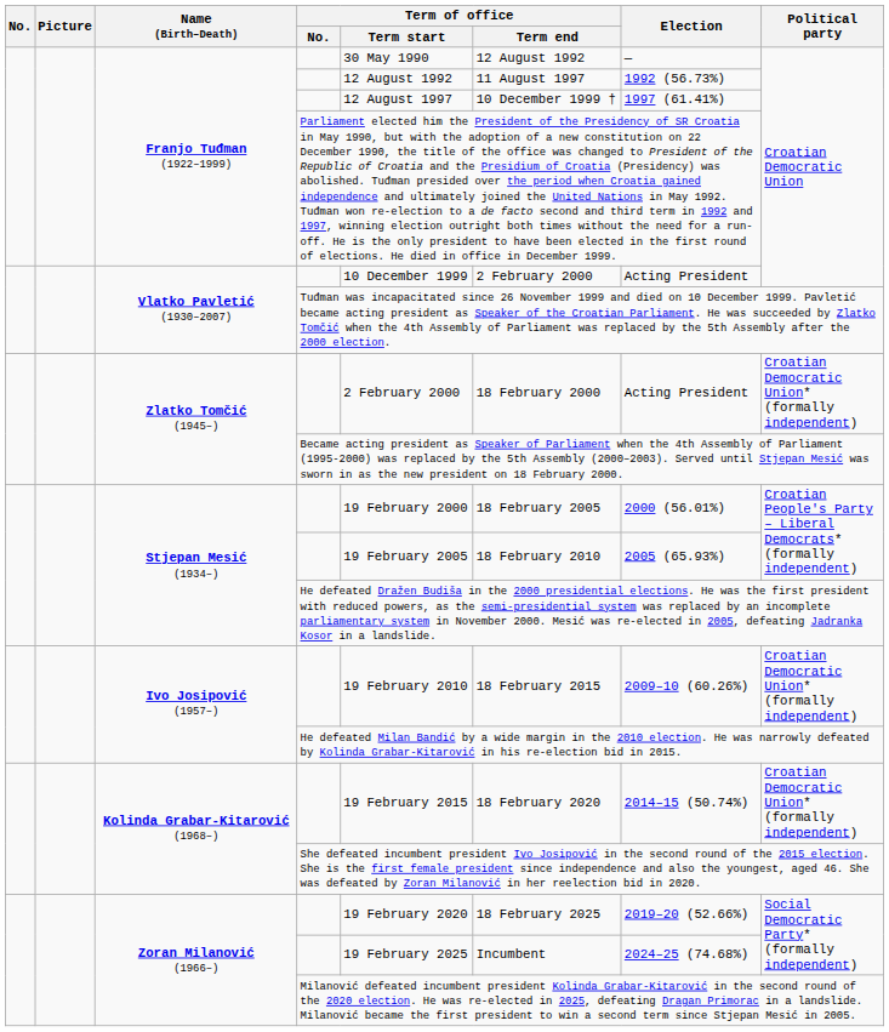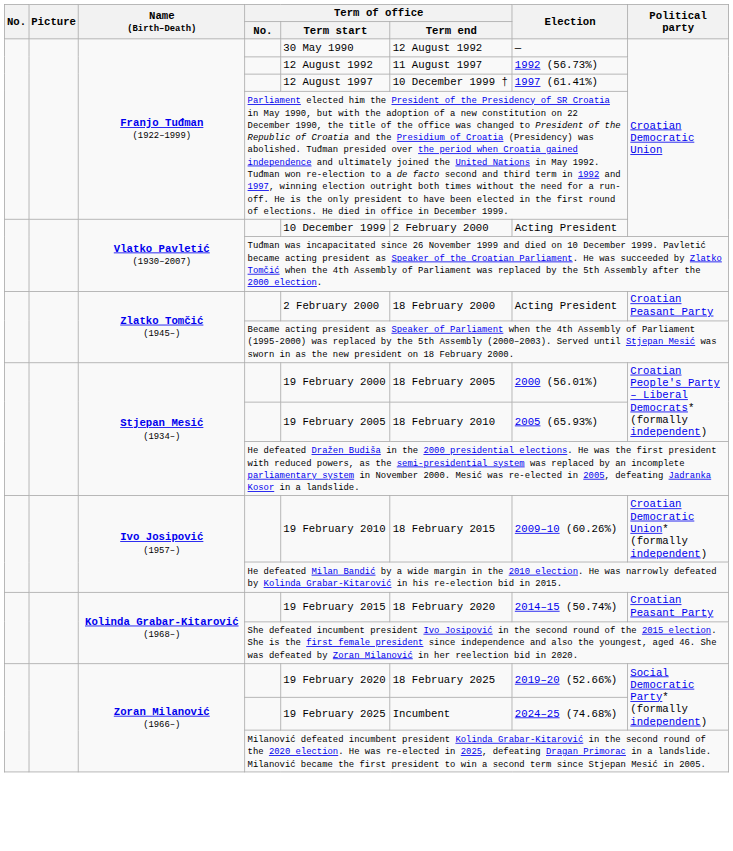 <table class="wikitable" width="100%">
 <tr>
 <th rowspan="2">No.</th>
 <th rowspan="2">Picture</th>
 <th rowspan="2" width=23%>Name<br><small>(Birth–Death)</small></th>
 <th colspan="3">Term of office</th>
 <th rowspan="2">Election</th>
 <th rowspan="2">Political party</th>
 </tr>
 <tr>
 <th style="text-align: center;">No.</th>
 <th style="text-align: center;">Term start</th>
 <th style="text-align: center;">Term end</th>
 </tr>
 <tr>
 <td rowspan="4" style="background: "></td>
 <td rowspan="4" style="text-align: center;"><br></td>
 <td rowspan="4" style="text-align: center;"><strong><a href='#'>Franjo Tuđman</a></strong><br><small>(1922–1999)</small></td>
 <td style="background: "></td>
 <td>30 May 1990</td>
 <td>12 August 1992</td>
 <td>—</td>
 <td rowspan="5"><a href='#'>Croatian Democratic Union</a></td>
 </tr>
 <tr>
 <td style="background: "></td>
 <td>12 August 1992</td>
 <td>11 August 1997</td>
 <td><a href='#'>1992</a> (56.73%)</td>
 </tr>
 <tr>
 <td style="background: "></td>
 <td>12 August 1997</td>
 <td>10 December 1999 †</td>
 <td><a href='#'>1997</a> (61.41%)</td>
 </tr>
 <tr>
 <td colspan="4"><small><a href='#'>Parliament</a> elected him the <a href='#'>President of the Presidency of SR Croatia</a> in May 1990, but with the adoption of a new constitution on 22 December 1990, the title of the office was changed to <em>President of the Republic of Croatia</em> and the <a href='#'>Presidium of Croatia</a> (Presidency) was abolished. Tuđman presided over <a href='#'>the period when Croatia gained independence</a> and ultimately joined the <a href='#'>United Nations</a> in May 1992. Tuđman won re-election to a <em>de facto</em> second and third term in <a href='#'>1992</a> and <a href='#'>1997</a>, winning election outright both times without the need for a run-off. He is the only president to have been elected in the first round of elections. He died in office in December 1999.</small></td>
 </tr>
 <tr>
 <td rowspan="2" style="background: "></td>
 <td rowspan="2" style="text-align: center;"></td>
 <td rowspan="2" style="text-align: center;"><strong><a href='#'>Vlatko Pavletić</a></strong><br><small>(1930–2007)</small></td>
 <td style="background: "></td>
 <td>10 December 1999</td>
 <td>2 February 2000</td>
 <td>Acting President</td>
 </tr>
 <tr>
 <td colspan="5"><small>Tuđman was incapacitated since 26 November 1999 and died on 10 December 1999. Pavletić became acting president as <a href='#'>Speaker of the Croatian Parliament</a>. He was succeeded by <a href='#'>Zlatko Tomčić</a> when the 4th Assembly of Parliament was replaced by the 5th Assembly after the <a href='#'>2000 election</a>. </small></td>
 </tr>
 <tr>
 <td rowspan="2" style="background: "></td>
 <td rowspan="2" style="text-align: center;"></td>
 <td rowspan="2" style="text-align: center;"><strong><a href='#'>Zlatko Tomčić</a></strong><br><small>(1945–)</small></td>
 <td style="background: "></td>
 <td>2 February 2000</td>
 <td>18 February 2000</td>
 <td>Acting President</td>
-<td><a href='#'>Croatian Democratic Union</a>* (formally <a href='#'>independent</a>)</td>
+<td><a href='#'>Croatian Peasant Party</a></td>
 </tr>
 <tr>
 <td colspan="5"><small>Became acting president as <a href='#'>Speaker of Parliament</a> when the 4th Assembly of Parliament (1995-2000) was replaced by the 5th Assembly (2000–2003). Served until <a href='#'>Stjepan Mesić</a> was sworn in as the new president on 18 February 2000.</small></td>
 </tr>
 <tr>
 <td rowspan="3" style="background: "></td>
 <td rowspan="3" style="text-align: center;"><br></td>
 <td rowspan="3" style="text-align: center;"><strong><a href='#'>Stjepan Mesić</a></strong><br><small>(1934–)</small></td>
 <td style="background: "></td>
 <td>19 February 2000</td>
 <td>18 February 2005</td>
 <td><a href='#'>2000</a> (56.01%)</td>
 <td rowspan="2"><a href='#'>Croatian People's Party – Liberal Democrats</a>* (formally <a href='#'>independent</a>)</td>
 </tr>
 <tr>
 <td style="background: "></td>
 <td>19 February 2005</td>
 <td>18 February 2010</td>
 <td><a href='#'>2005</a> (65.93%)</td>
 </tr>
 <tr>
 <td colspan="5"><small>He defeated <a href='#'>Dražen Budiša</a> in the <a href='#'>2000 presidential elections</a>. He was the first president with reduced powers, as the <a href='#'>semi-presidential system</a> was replaced by an incomplete <a href='#'>parliamentary system</a> in November 2000. Mesić was re-elected in <a href='#'>2005</a>, defeating <a href='#'>Jadranka Kosor</a> in a landslide.</small></td>
 </tr>
 <tr>
 <td rowspan="2" style="background: "></td>
 <td rowspan="2" style="text-align: center;"><br></td>
 <td rowspan="2" style="text-align: center;"><strong><a href='#'>Ivo Josipović</a></strong><br><small>(1957–)</small></td>
 <td style="background: "></td>
 <td>19 February 2010</td>
 <td>18 February 2015</td>
 <td><a href='#'>2009–10</a> (60.26%)</td>
 <td><a href='#'>Croatian Democratic Union</a>* (formally <a href='#'>independent</a>)</td>
 </tr>
 <tr>
 <td colspan="5"><small>He defeated <a href='#'>Milan Bandić</a> by a wide margin in the <a href='#'>2010 election</a>. He was narrowly defeated by <a href='#'>Kolinda Grabar-Kitarović</a> in his re-election bid in 2015.</small></td>
 </tr>
 <tr>
 <td rowspan="2" style="background:"></td>
 <td rowspan="2" style="text-align: center;"><br></td>
 <td rowspan="2" style="text-align: center;"><strong><a href='#'>Kolinda Grabar-Kitarović</a></strong><br><small>(1968–)</small></td>
 <td style="background: "></td>
 <td>19 February 2015</td>
 <td>18 February 2020</td>
 <td><a href='#'>2014–15</a> (50.74%)</td>
-<td><a href='#'>Croatian Democratic Union</a>* (formally <a href='#'>independent</a>)</td>
+<td><a href='#'>Croatian Peasant Party</a></td>
 </tr>
 <tr>
 <td colspan="5"><small>She defeated incumbent president <a href='#'>Ivo Josipović</a> in the second round of the <a href='#'>2015 election</a>. She is the <a href='#'>first female president</a> since independence and also the youngest, aged 46. She was defeated by <a href='#'>Zoran Milanović</a> in her reelection bid in 2020.</small></td>
 </tr>
 <tr>
 <td rowspan="3" style="background: "></td>
 <td rowspan="3" style="text-align: center;"><br></td>
 <td rowspan="3" style="text-align: center;"><strong><a href='#'>Zoran Milanović</a></strong><br><small>(1966–)</small></td>
 <td style="background: "></td>
 <td>19 February 2020</td>
 <td>18 February 2025</td>
 <td><a href='#'>2019–20</a> (52.66%)</td>
 <td rowspan="2"><a href='#'>Social Democratic Party</a>* (formally <a href='#'>independent</a>)</td>
 </tr>
 <tr>
 <td style="background: "></td>
 <td>19 February 2025</td>
 <td>Incumbent</td>
 <td><a href='#'>2024–25</a> (74.68%)</td>
 </tr>
 <tr>
 <td colspan="5"><small>Milanović defeated incumbent president <a href='#'>Kolinda Grabar-Kitarović</a> in the second round of the <a href='#'>2020 election</a>. He was re-elected in <a href='#'>2025</a>, defeating <a href='#'>Dragan Primorac</a> in a landslide. Milanović became the first president to win a second term since Stjepan Mesić in 2005.</small></td>
 </tr>
 </table>
